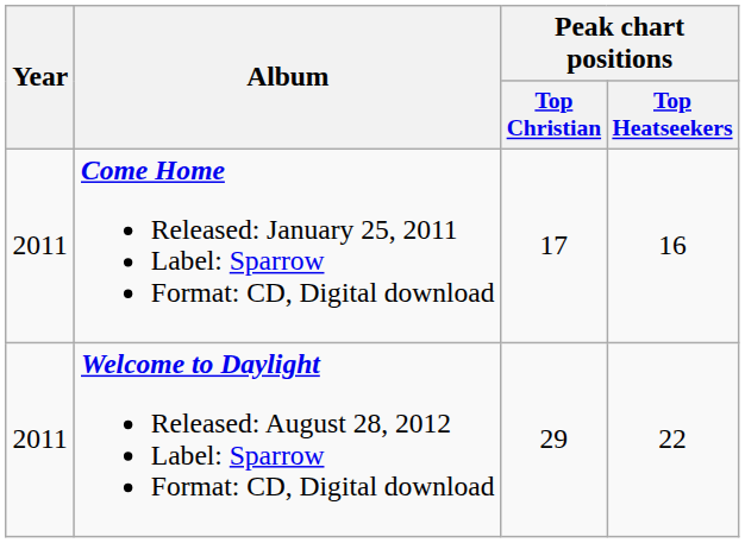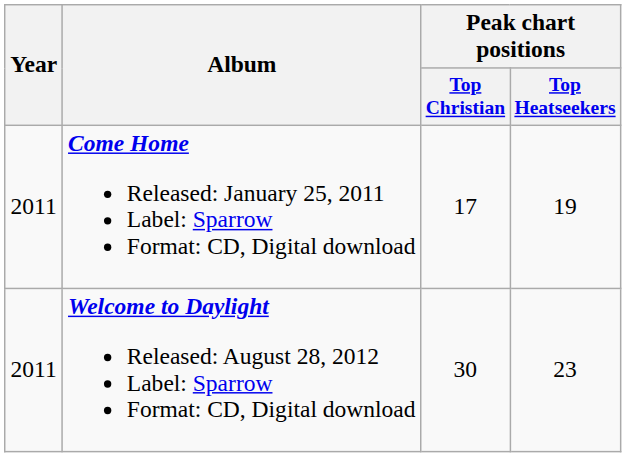 <table class="wikitable" style="text-align:center;">
 <tr>
 <th rowspan="2">Year</th>
 <th rowspan="2">Album</th>
 <th colspan="3">Peak chart positions</th>
 </tr>
 <tr style="font-size:smaller;">
 <th width="40"><a href='#'>Top<br>Christian</a></th>
 <th width="40"><a href='#'>Top<br>Heatseekers</a></th>
 </tr>
 <tr>
 <td>2011</td>
 <td align="left"><strong><em><a href='#'>Come Home</a></em></strong><br><ul><li>Released: January 25, 2011</li><li>Label: <a href='#'>Sparrow</a></li><li>Format: CD, Digital download</li></ul></td>
 <td>17</td>
-<td>16</td>
+<td>19</td>
 </tr>
 <tr>
 <td>2011</td>
 <td align="left"><strong><em><a href='#'>Welcome to Daylight</a></em></strong><br><ul><li>Released: August 28, 2012</li><li>Label: <a href='#'>Sparrow</a></li><li>Format: CD, Digital download</li></ul></td>
-<td>29</td>
-<td>22</td>
+<td>30</td>
+<td>23</td>
 </tr>
 </table>
